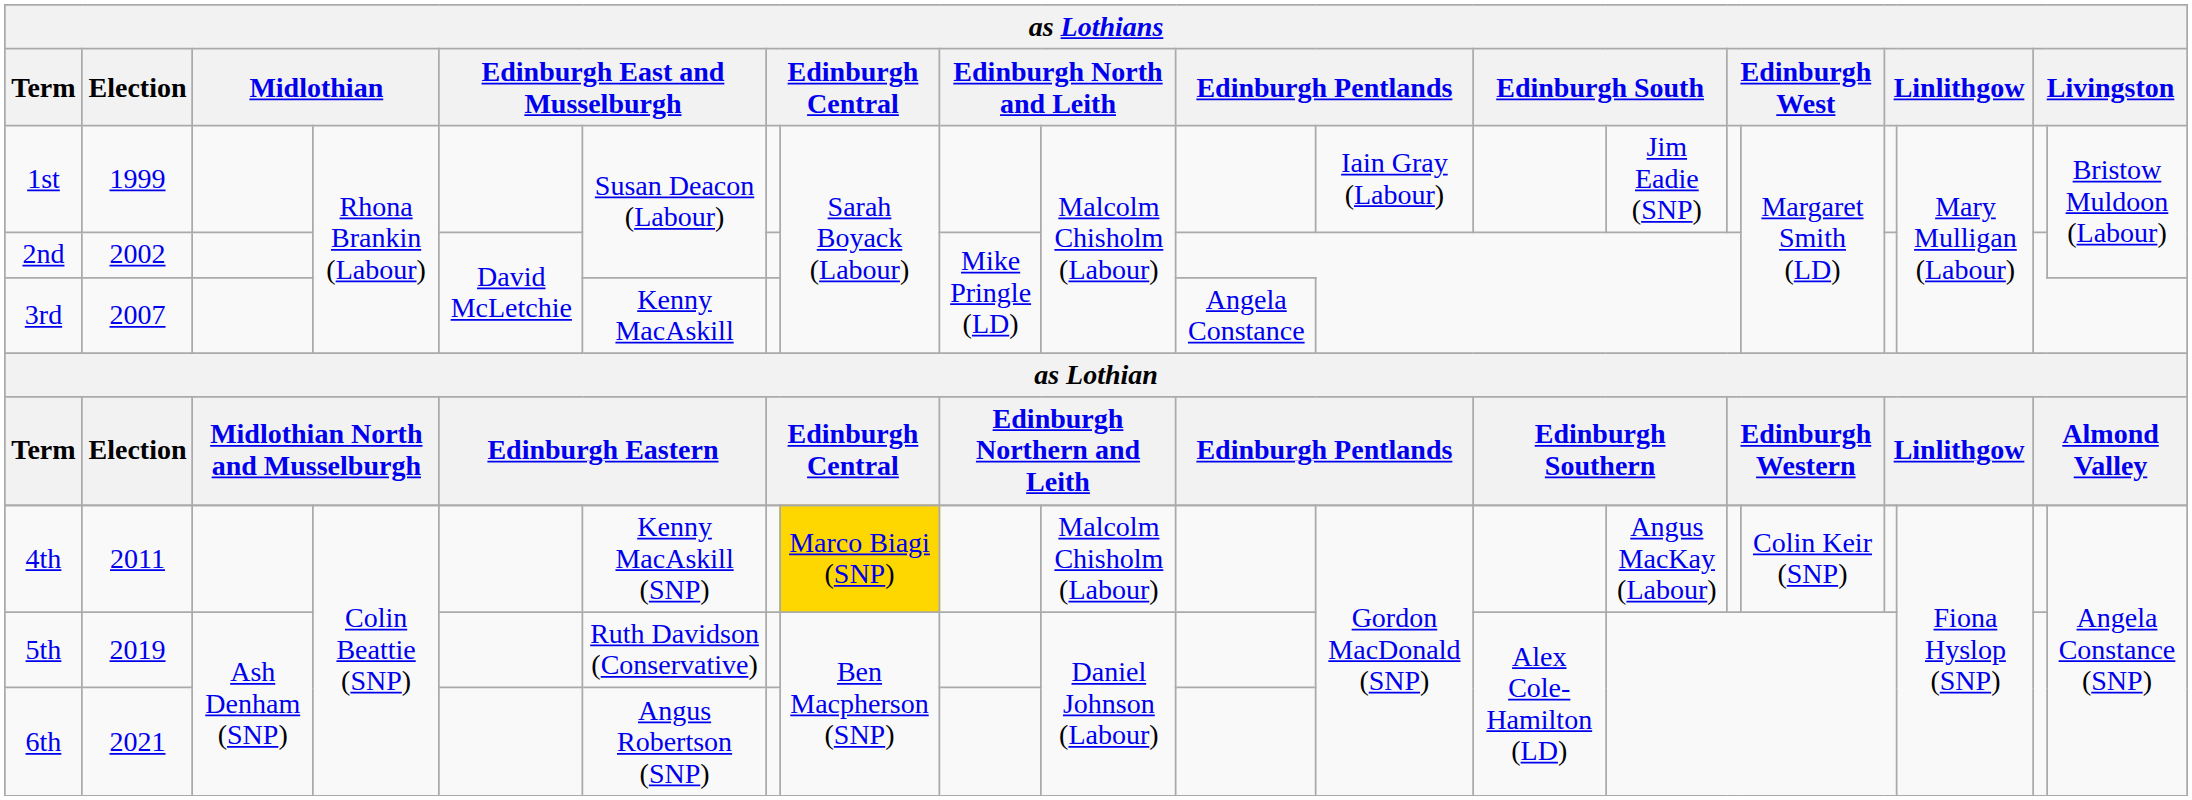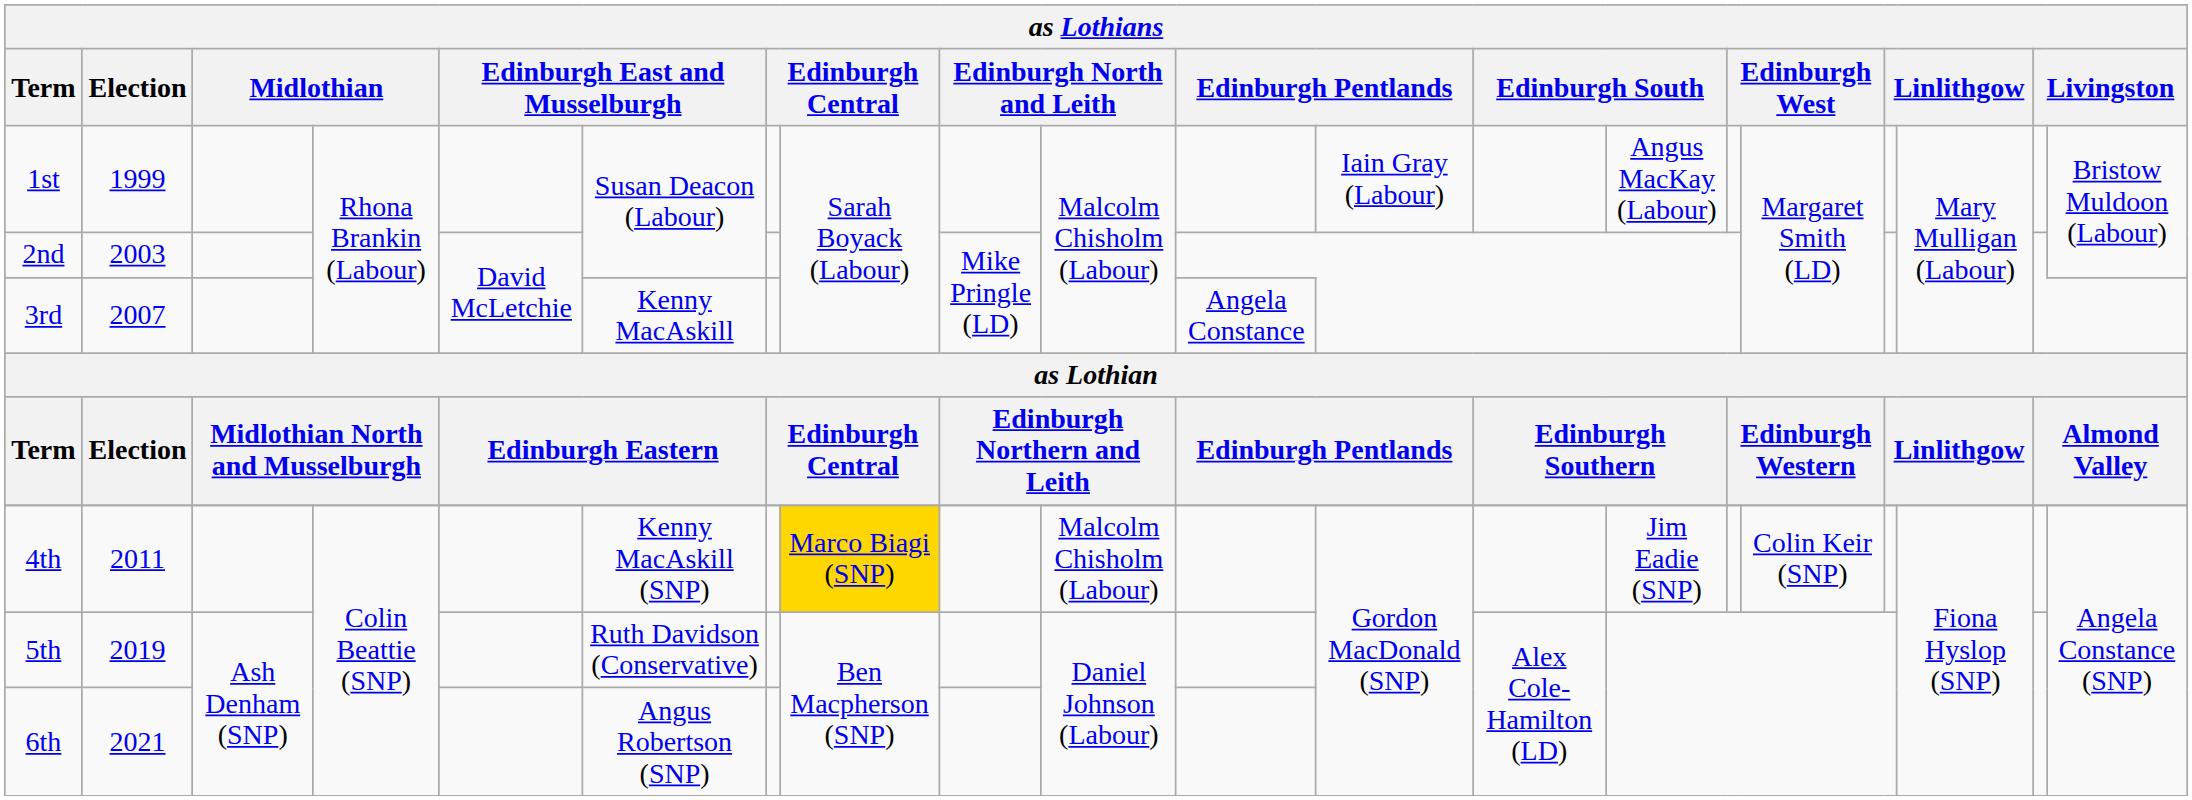 <table class="wikitable" style="text-align:center">
 <tr>
 <th colspan="20"><em>as <a href='#'>Lothians</a></em></th>
 </tr>
 <tr>
 <th>Term</th>
 <th>Election</th>
 <th colspan="2"><a href='#'>Midlothian</a></th>
 <th colspan="2"><a href='#'>Edinburgh East and Musselburgh</a></th>
 <th colspan="2"><a href='#'>Edinburgh Central</a></th>
 <th colspan="2"><a href='#'>Edinburgh North and Leith</a></th>
 <th colspan="2"><a href='#'>Edinburgh Pentlands</a></th>
 <th colspan="2"><a href='#'>Edinburgh South</a></th>
 <th colspan="2"><a href='#'>Edinburgh West</a></th>
 <th colspan="2"><a href='#'>Linlithgow</a></th>
 <th colspan="2"><a href='#'>Livingston</a></th>
 </tr>
 <tr>
 <td><a href='#'>1st</a></td>
 <td><a href='#'>1999</a></td>
 <td></td>
 <td rowspan="3"><a href='#'>Rhona Brankin</a><br>(<a href='#'>Labour</a>)</td>
 <td></td>
 <td rowspan="2"><a href='#'>Susan Deacon</a><br>(<a href='#'>Labour</a>)</td>
 <td></td>
 <td rowspan="3"><a href='#'>Sarah Boyack</a><br>(<a href='#'>Labour</a>)</td>
 <td></td>
 <td rowspan="3"><a href='#'>Malcolm Chisholm</a><br>(<a href='#'>Labour</a>)</td>
 <td></td>
 <td rowspan="1"><a href='#'>Iain Gray</a><br>(<a href='#'>Labour</a>)</td>
 <td></td>
-<td><a href='#'>Jim Eadie</a><br>(<a href='#'>SNP</a>)</td>
+<td rowspan="1"><a href='#'>Angus MacKay</a><br>(<a href='#'>Labour</a>)</td>
 <td></td>
 <td rowspan="3"><a href='#'>Margaret Smith</a><br>(<a href='#'>LD</a>)</td>
 <td></td>
 <td rowspan="3"><a href='#'>Mary Mulligan</a><br>(<a href='#'>Labour</a>)</td>
 <td></td>
 <td rowspan="2"><a href='#'>Bristow Muldoon</a><br>(<a href='#'>Labour</a>)</td>
 </tr>
 <tr>
 <td><a href='#'>2nd</a></td>
-<td><a href='#'>2002</a></td>
+<td><a href='#'>2003</a></td>
 <td></td>
 <td Rowspan="2"><a href='#'>David McLetchie</a><br></td>
 <td></td>
 <td rowspan="2"><a href='#'>Mike Pringle</a><br>(<a href='#'>LD</a>)</td>
 </tr>
 <tr>
 <td><a href='#'>3rd</a></td>
 <td><a href='#'>2007</a></td>
 <td></td>
 <td><a href='#'>Kenny MacAskill</a><br></td>
 <td></td>
 <td><a href='#'>Angela Constance</a><br></td>
 </tr>
 <tr>
 <th colspan="20"><em>as Lothian</em></th>
 </tr>
 <tr>
 <th>Term</th>
 <th>Election</th>
 <th colspan="2"><a href='#'>Midlothian North and Musselburgh</a></th>
 <th colspan="2"><a href='#'>Edinburgh Eastern</a></th>
 <th colspan="2"><a href='#'>Edinburgh Central</a></th>
 <th colspan="2"><a href='#'>Edinburgh Northern and Leith</a></th>
 <th colspan="2"><a href='#'>Edinburgh Pentlands</a></th>
 <th colspan="2"><a href='#'>Edinburgh Southern</a></th>
 <th colspan="2"><a href='#'>Edinburgh Western</a></th>
 <th colspan="2"><a href='#'>Linlithgow</a></th>
 <th colspan="2"><a href='#'>Almond Valley</a></th>
 </tr>
 <tr>
 </tr>
 <tr>
 <td><a href='#'>4th</a></td>
 <td><a href='#'>2011</a></td>
 <td></td>
 <td rowspan="3"><a href='#'>Colin Beattie</a><br>(<a href='#'>SNP</a>)</td>
 <td></td>
 <td><a href='#'>Kenny MacAskill</a><br>(<a href='#'>SNP</a>)</td>
 <td></td>
 <td style="background: gold;"><a href='#'>Marco Biagi</a><br>(<a href='#'>SNP</a>)</td>
 <td></td>
 <td><a href='#'>Malcolm Chisholm</a><br>(<a href='#'>Labour</a>)</td>
 <td></td>
 <td rowspan="3"><a href='#'>Gordon MacDonald</a><br>(<a href='#'>SNP</a>)</td>
 <td></td>
-<td rowspan="1"><a href='#'>Angus MacKay</a><br>(<a href='#'>Labour</a>)</td>
+<td><a href='#'>Jim Eadie</a><br>(<a href='#'>SNP</a>)</td>
 <td></td>
 <td><a href='#'>Colin Keir</a><br>(<a href='#'>SNP</a>)</td>
 <td></td>
 <td rowspan="3"><a href='#'>Fiona Hyslop</a><br>(<a href='#'>SNP</a>)</td>
 <td></td>
 <td rowspan="3"><a href='#'>Angela Constance</a> <br>(<a href='#'>SNP</a>)</td>
 </tr>
 <tr>
 <td><a href='#'>5th</a></td>
 <td><a href='#'>2019</a></td>
 <td rowspan="2"><a href='#'>Ash Denham</a><br>(<a href='#'>SNP</a>)</td>
 <td></td>
 <td><a href='#'>Ruth Davidson</a><br>(<a href='#'>Conservative</a>)</td>
 <td></td>
 <td rowspan="2"><a href='#'>Ben Macpherson</a><br>(<a href='#'>SNP</a>)</td>
 <td></td>
 <td rowspan="2"><a href='#'>Daniel Johnson</a><br>(<a href='#'>Labour</a>)</td>
 <td></td>
 <td rowspan="2"><a href='#'>Alex Cole-Hamilton</a><br>(<a href='#'>LD</a>)</td>
 </tr>
 <tr>
 <td><a href='#'>6th</a></td>
 <td><a href='#'>2021</a></td>
 <td></td>
 <td><a href='#'>Angus Robertson</a><br>(<a href='#'>SNP</a>)</td>
 </tr>
 </table>
